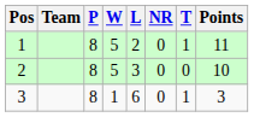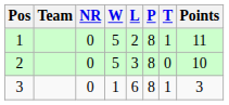 <table class="wikitable">
 <tr>
 <th>Pos</th>
 <th>Team</th>
-<th><a href='#'>P</a></th>
+<th><a href='#'>NR</a></th>
 <th><a href='#'>W</a></th>
 <th><a href='#'>L</a></th>
-<th><a href='#'>NR</a></th>
+<th><a href='#'>P</a></th>
 <th><a href='#'>T</a></th>
 <th>Points</th>
 </tr>
 <tr align="center" bgcolor="#ccffcc">
 <td>1</td>
 <td align="left"></td>
-<td>8</td>
+<td>0</td>
 <td>5</td>
 <td>2</td>
-<td>0</td>
+<td>8</td>
 <td>1</td>
 <td>11</td>
 </tr>
 <tr align="center" bgcolor="#ccffcc">
 <td>2</td>
 <td align="left"></td>
-<td>8</td>
+<td>0</td>
 <td>5</td>
 <td>3</td>
-<td>0</td>
+<td>8</td>
 <td>0</td>
 <td>10</td>
 </tr>
 <tr align="center">
 <td>3</td>
 <td align="left"></td>
-<td>8</td>
+<td>0</td>
 <td>1</td>
 <td>6</td>
-<td>0</td>
+<td>8</td>
 <td>1</td>
 <td>3</td>
 </tr>
 </table>
